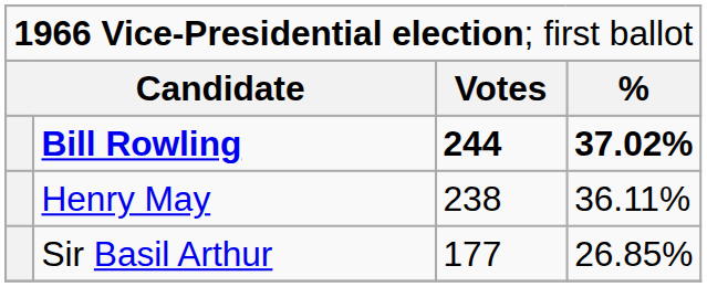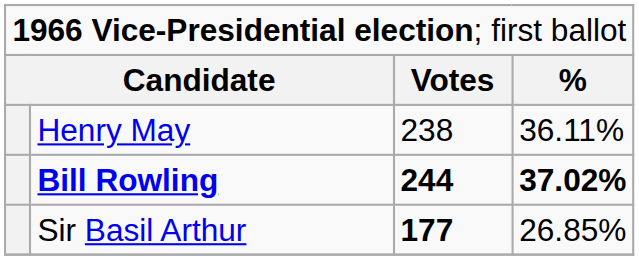 <table class="wikitable" style="font-size: 95%;">
 <tr>
 <td colspan=4 style="text-align:center;"><strong>1966 Vice-Presidential election</strong>; first ballot</td>
 </tr>
 <tr style="background-color:#E9E9E9">
 <th colspan="2" style="width: 170px">Candidate</th>
 <th style="width: 50px">Votes</th>
 <th style="width: 40px">%</th>
 </tr>
 <tr>
+<th style="background-color: "></th>
+<td><a href='#'>Henry May</a></td>
+<td>238</td>
+<td>36.11%</td>
+</tr>
+<tr>
 <th width=5 style="background-color: "></th>
 <td><strong><a href='#'>Bill Rowling</a></strong></td>
 <td><strong>244</strong></td>
 <td><strong>37.02%</strong></td>
 </tr>
 <tr>
 <th style="background-color: "></th>
-<td><a href='#'>Henry May</a></td>
-<td>238</td>
-<td>36.11%</td>
-</tr>
-<tr>
-<th style="background-color: "></th>
 <td>Sir <a href='#'>Basil Arthur</a></td>
-<td>177</td>
+<td><strong>177</strong></td>
 <td>26.85%</td>
 </tr>
 <tr>
 </tr>
 </table>
